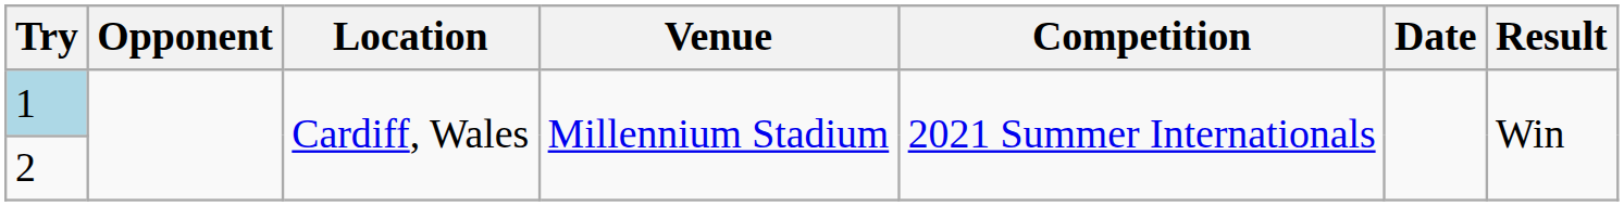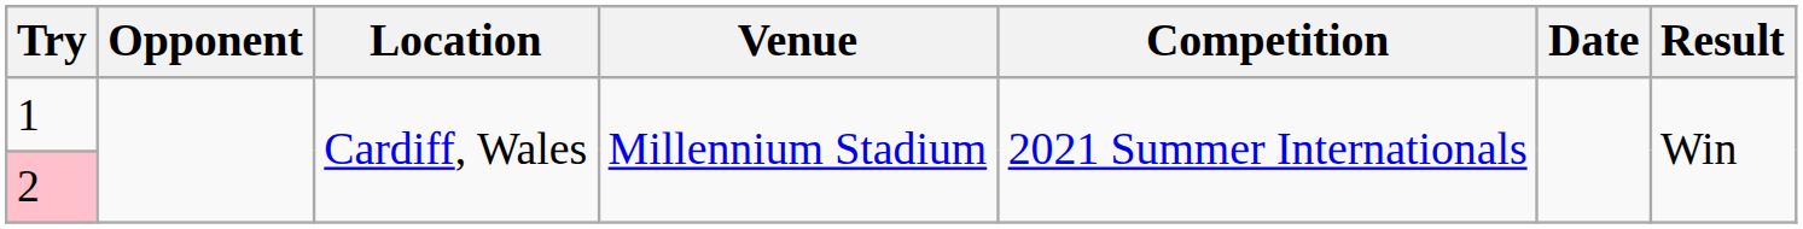 <table class="wikitable sortable">
 <tr>
 <th>Try</th>
 <th>Opponent</th>
 <th>Location</th>
 <th>Venue</th>
 <th>Competition</th>
 <th>Date</th>
 <th>Result</th>
 </tr>
 <tr>
-<td style="background: lightblue;">1</td>
+<td>1</td>
 <td rowspan=2></td>
 <td rowspan=2><a href='#'>Cardiff</a>, Wales</td>
 <td rowspan=2><a href='#'>Millennium Stadium</a></td>
 <td rowspan=2><a href='#'>2021 Summer Internationals</a></td>
 <td rowspan=2></td>
 <td rowspan=2>Win</td>
 </tr>
 <tr>
-<td>2</td>
+<td style="background: pink;">2</td>
 </tr>
 </table>
